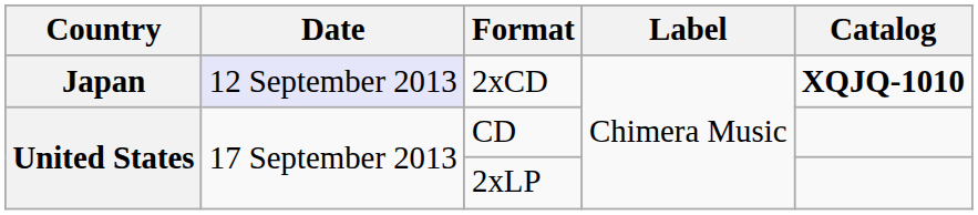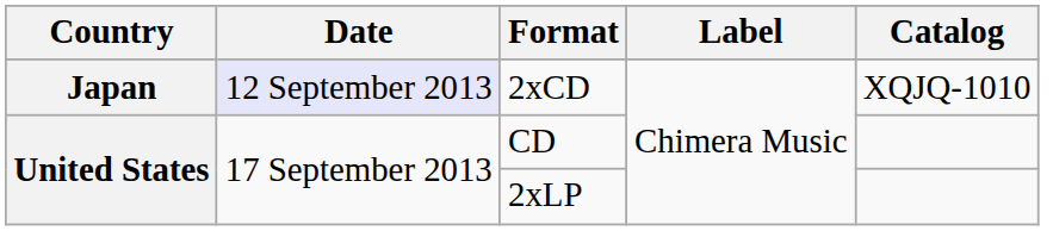 <table class="wikitable plainrowheaders">
 <tr>
 <th scope="col">Country</th>
 <th scope="col">Date</th>
 <th scope="col">Format</th>
 <th scope="col">Label</th>
 <th scope="col">Catalog</th>
 </tr>
 <tr>
 <th scope="row">Japan</th>
 <td style="background: lavender;">12 September 2013</td>
 <td>2xCD</td>
 <td rowspan="3">Chimera Music</td>
-<td><strong>XQJQ-1010</strong></td>
+<td>XQJQ-1010</td>
 </tr>
 <tr>
 <th scope="row" rowspan="2">United States</th>
 <td rowspan="2">17 September 2013</td>
 <td>CD</td>
 <td></td>
 </tr>
 <tr>
 <td>2xLP</td>
 <td></td>
 </tr>
 </table>
